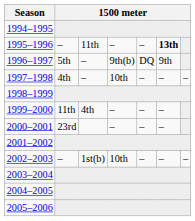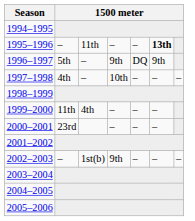 <table class="wikitable" style="display: inline-table;">
 <tr>
 <th>Season</th>
 <th colspan="6">1500 meter</th>
 </tr>
 <tr>
 <td><a href='#'>1994–1995</a></td>
 <td colspan="6" bgcolor=#EEEEEE></td>
 </tr>
 <tr>
 <td><a href='#'>1995–1996</a></td>
 <td>–</td>
 <td>11th</td>
 <td>–</td>
 <td>–</td>
 <td><strong>13th</strong></td>
 <td colspan="1" bgcolor=#EEEEEE></td>
 </tr>
 <tr>
 <td><a href='#'>1996–1997</a></td>
 <td>5th</td>
 <td>–</td>
-<td>9th(b)</td>
+<td>9th</td>
 <td>DQ</td>
 <td>9th</td>
 <td colspan="1" bgcolor=#EEEEEE></td>
 </tr>
 <tr>
 <td><a href='#'>1997–1998</a></td>
 <td>4th</td>
 <td>–</td>
 <td>10th</td>
 <td>–</td>
 <td>–</td>
 <td>–</td>
 </tr>
 <tr>
 <td><a href='#'>1998–1999</a></td>
 <td colspan="6" bgcolor=#EEEEEE></td>
 </tr>
 <tr>
 <td><a href='#'>1999–2000</a></td>
 <td>11th</td>
 <td>4th</td>
 <td>–</td>
 <td>–</td>
 <td>–</td>
 <td colspan="1" bgcolor=#EEEEEE></td>
 </tr>
 <tr>
 <td><a href='#'>2000–2001</a></td>
 <td>23rd</td>
 <td></td>
 <td>–</td>
 <td>–</td>
 <td>–</td>
 <td colspan="2" bgcolor=#EEEEEE></td>
 </tr>
 <tr>
 <td><a href='#'>2001–2002</a></td>
 <td colspan="6" bgcolor=#EEEEEE></td>
 </tr>
 <tr>
 <td><a href='#'>2002–2003</a></td>
 <td>–</td>
 <td>1st(b)</td>
-<td>10th</td>
+<td>9th</td>
 <td>–</td>
 <td>–</td>
 <td>–</td>
 </tr>
 <tr>
 <td><a href='#'>2003–2004</a></td>
 <td colspan="6" bgcolor=#EEEEEE></td>
 </tr>
 <tr>
 <td><a href='#'>2004–2005</a></td>
 <td colspan="6" bgcolor=#EEEEEE></td>
 </tr>
 <tr>
 <td><a href='#'>2005–2006</a></td>
 <td colspan="6" bgcolor=#EEEEEE></td>
 </tr>
 </table>
